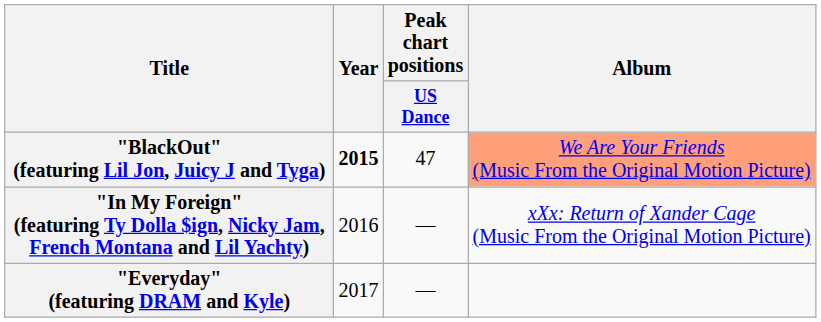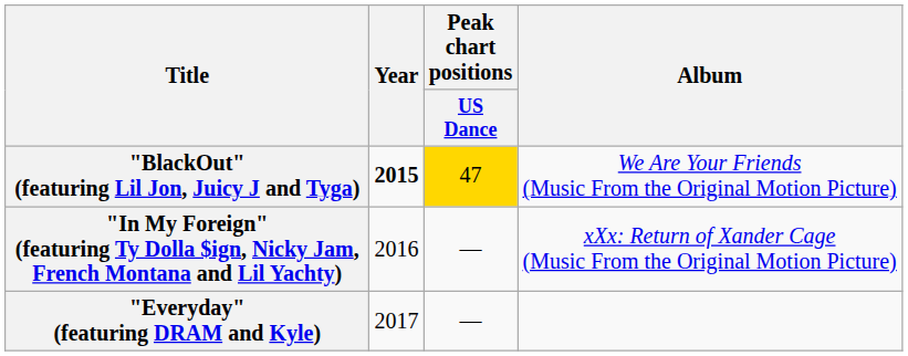 <table class="wikitable plainrowheaders" style="text-align:center;">
 <tr>
 <th rowspan="2" scope="col" style="width:16em;">Title</th>
 <th rowspan="2" scope="col">Year</th>
 <th>Peak chart positions</th>
 <th rowspan="2">Album</th>
 </tr>
 <tr>
 <th scope="col" style="width:2.5em;font-size:90%;"><a href='#'>US</a><br><a href='#'>Dance</a><br></th>
 </tr>
 <tr>
 <th scope="row">"BlackOut"<br><span>(featuring <a href='#'>Lil Jon</a>, <a href='#'>Juicy J</a> and <a href='#'>Tyga</a>)</span></th>
 <td><strong>2015</strong></td>
-<td>47</td>
-<td style="background: lightsalmon;"><em><a href='#'>We Are Your Friends</a></em><br><span><a href='#'>(Music From the Original Motion Picture)</a></span></td>
+<td style="background: gold;">47</td>
+<td><em><a href='#'>We Are Your Friends</a></em><br><span><a href='#'>(Music From the Original Motion Picture)</a></span></td>
 </tr>
 <tr>
 <th scope="row">"In My Foreign"<br><span>(featuring <a href='#'>Ty Dolla $ign</a>, <a href='#'>Nicky Jam</a>, <a href='#'>French Montana</a> and <a href='#'>Lil Yachty</a>)</span></th>
 <td>2016</td>
 <td>—</td>
 <td><em><a href='#'>xXx: Return of Xander Cage</a></em><br><span><a href='#'>(Music From the Original Motion Picture)</a></span></td>
 </tr>
 <tr>
 <th scope="row">"Everyday"<br><span>(featuring <a href='#'>DRAM</a> and <a href='#'>Kyle</a>)</span></th>
 <td>2017</td>
 <td>—</td>
 <td></td>
 </tr>
 </table>
